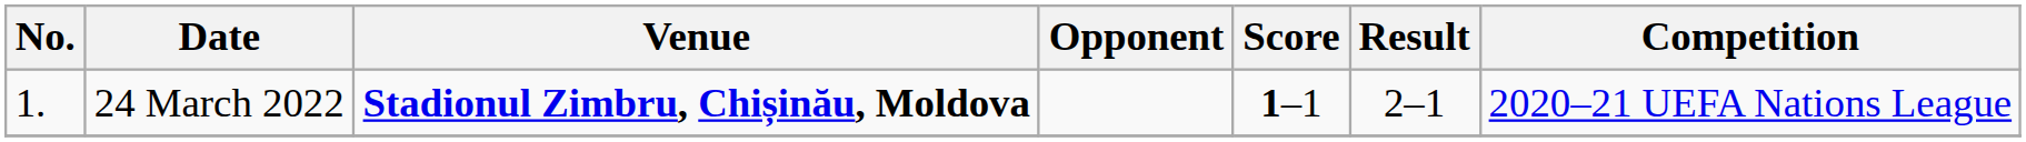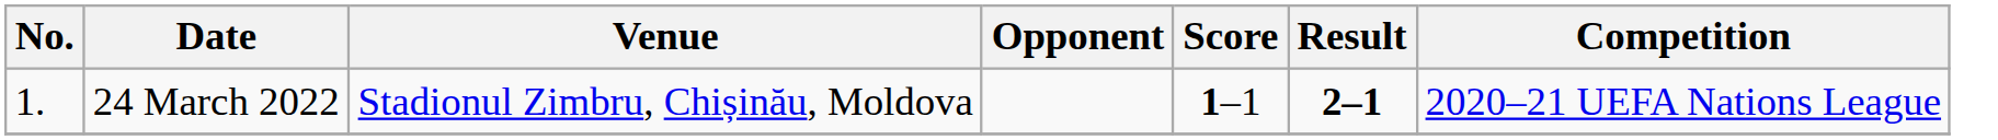 <table class="wikitable plainrowheaders sortable">
 <tr>
 <th>No.</th>
 <th>Date</th>
 <th>Venue</th>
 <th>Opponent</th>
 <th>Score</th>
 <th>Result</th>
 <th>Competition</th>
 </tr>
 <tr>
 <td>1.</td>
 <td>24 March 2022</td>
-<td><strong><a href='#'>Stadionul Zimbru</a>, <a href='#'>Chișinău</a>, Moldova</strong></td>
+<td><a href='#'>Stadionul Zimbru</a>, <a href='#'>Chișinău</a>, Moldova</td>
 <td></td>
 <td align=center><strong>1</strong>–1</td>
-<td align=center>2–1</td>
+<td align=center><strong>2–1</strong></td>
 <td><a href='#'>2020–21 UEFA Nations League</a></td>
 </tr>
 <tr>
 </tr>
 </table>
